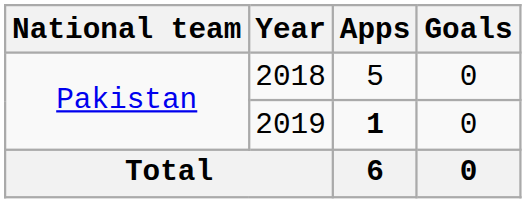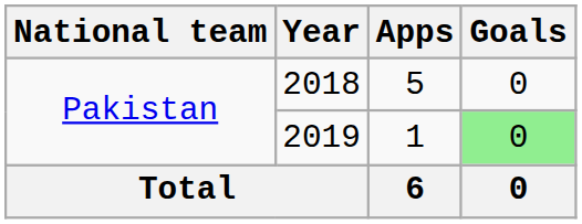 <table class="wikitable" style="text-align:center">
 <tr>
 <th>National team</th>
 <th>Year</th>
 <th>Apps</th>
 <th>Goals</th>
 </tr>
 <tr>
 <td rowspan="2"><a href='#'>Pakistan</a></td>
 <td>2018</td>
 <td>5</td>
 <td>0</td>
 </tr>
 <tr>
 <td>2019</td>
-<td><strong>1</strong></td>
-<td>0</td>
+<td>1</td>
+<td style="background: lightgreen;">0</td>
 </tr>
 <tr>
 <th colspan=2>Total</th>
 <th>6</th>
 <th>0</th>
 </tr>
 </table>
